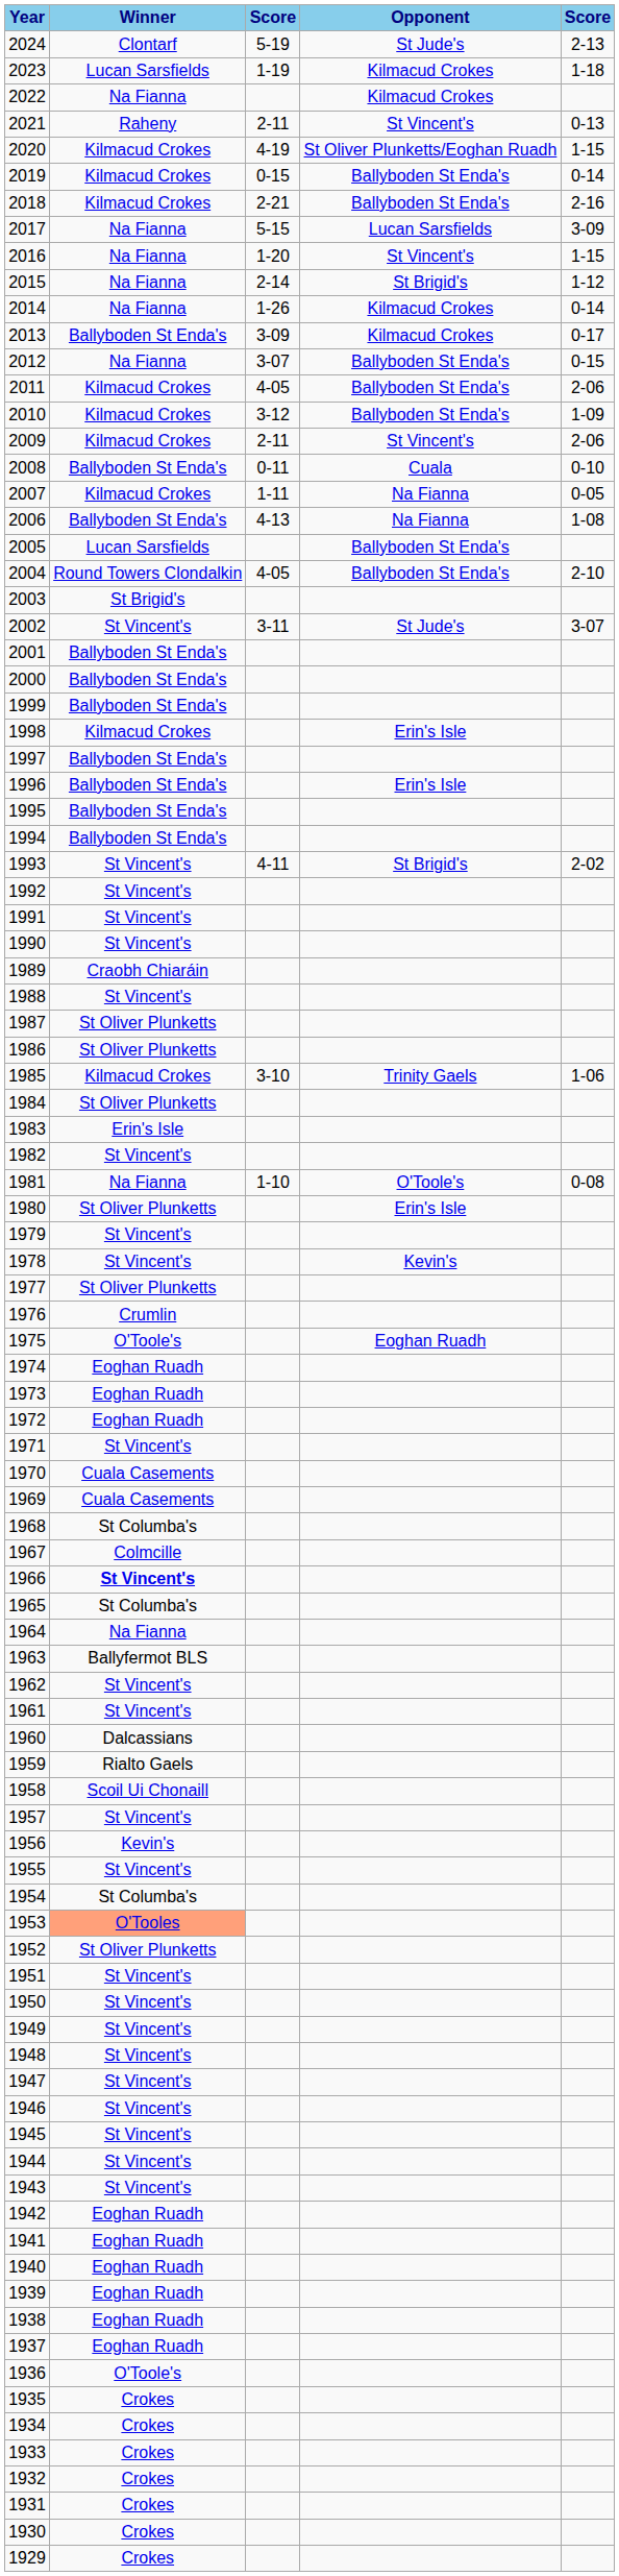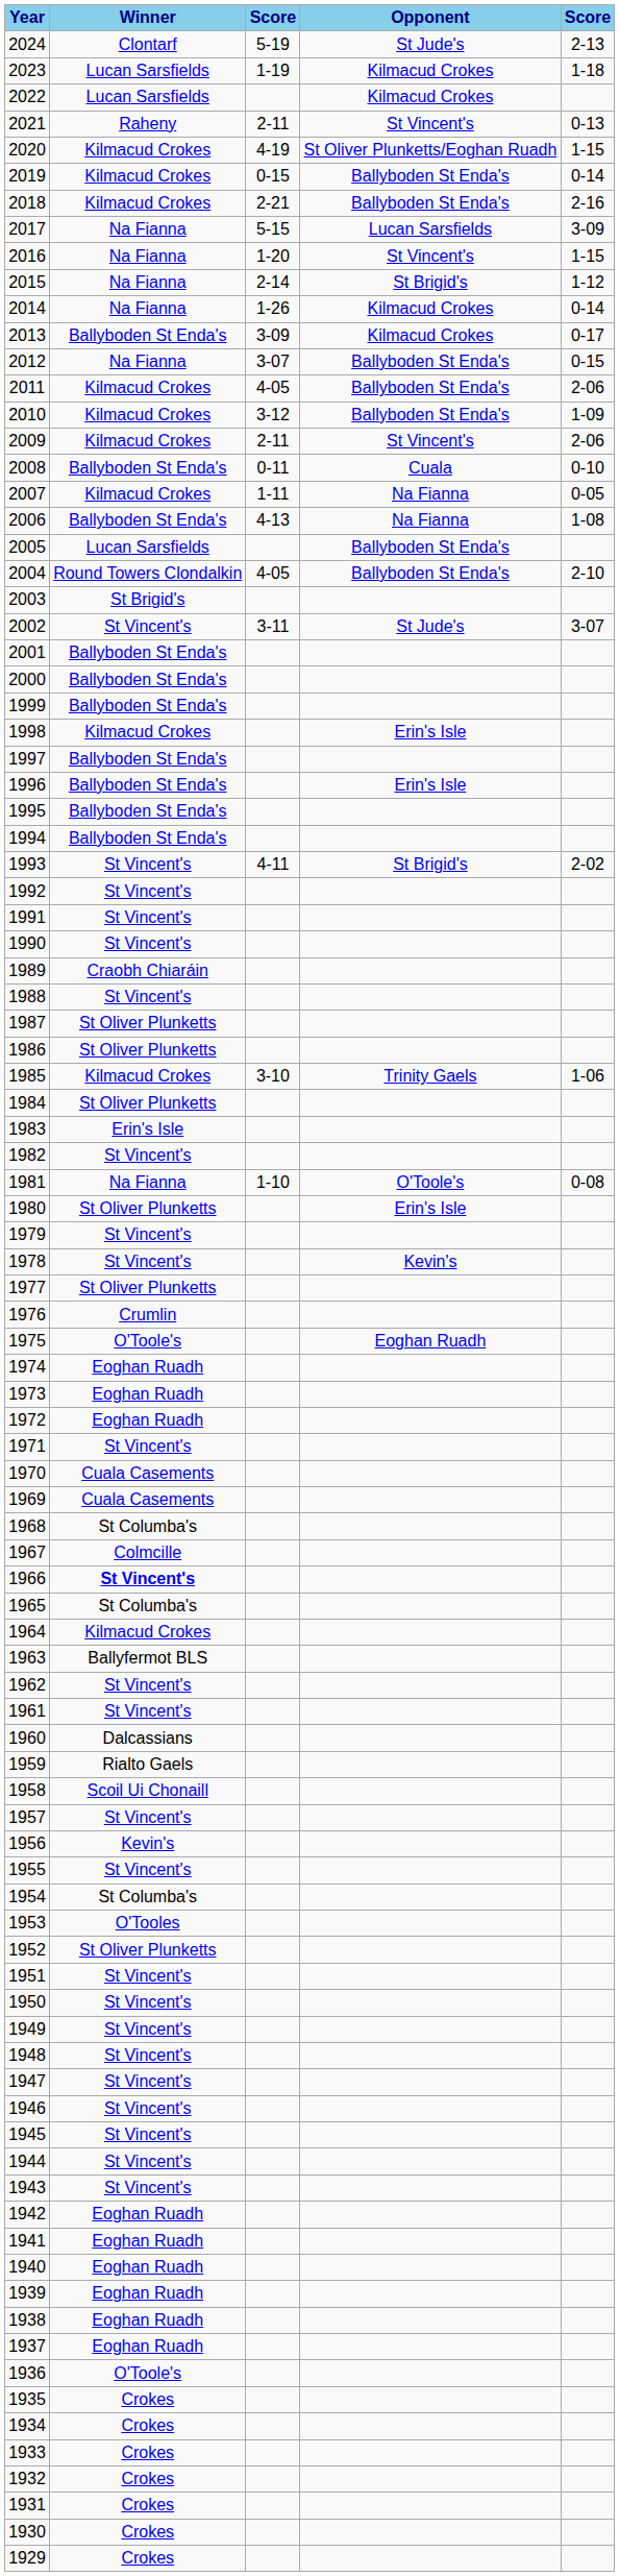 <table class="wikitable" style="text-align:center;">
 <tr>
 <th style="background:skyblue;color:navy;">Year</th>
 <th style="background:skyblue;color:navy;">Winner</th>
 <th style="background:skyblue;color:navy;">Score</th>
 <th style="background:skyblue;color:navy;">Opponent</th>
 <th style="background:skyblue;color:navy;">Score</th>
 </tr>
 <tr>
 <td>2024</td>
 <td><a href='#'>Clontarf</a></td>
 <td>5-19</td>
 <td><a href='#'>St Jude's</a></td>
 <td>2-13</td>
 </tr>
 <tr>
 <td>2023</td>
 <td><a href='#'>Lucan Sarsfields</a></td>
 <td>1-19</td>
 <td><a href='#'>Kilmacud Crokes</a></td>
 <td>1-18</td>
 </tr>
 <tr>
 <td>2022</td>
-<td><a href='#'>Na Fianna</a></td>
+<td><a href='#'>Lucan Sarsfields</a></td>
 <td></td>
 <td><a href='#'>Kilmacud Crokes</a></td>
 <td></td>
 </tr>
 <tr>
 <td>2021</td>
 <td><a href='#'>Raheny</a></td>
 <td>2-11</td>
 <td><a href='#'>St Vincent's</a></td>
 <td>0-13</td>
 </tr>
 <tr>
 <td>2020</td>
 <td><a href='#'>Kilmacud Crokes</a></td>
 <td>4-19</td>
 <td><a href='#'>St Oliver Plunketts/Eoghan Ruadh</a></td>
 <td>1-15</td>
 </tr>
 <tr>
 <td>2019</td>
 <td><a href='#'>Kilmacud Crokes</a></td>
 <td>0-15</td>
 <td><a href='#'>Ballyboden St Enda's</a></td>
 <td>0-14</td>
 </tr>
 <tr>
 <td>2018</td>
 <td><a href='#'>Kilmacud Crokes</a></td>
 <td>2-21</td>
 <td><a href='#'>Ballyboden St Enda's</a></td>
 <td>2-16</td>
 </tr>
 <tr>
 <td>2017</td>
 <td><a href='#'>Na Fianna</a></td>
 <td>5-15</td>
 <td><a href='#'>Lucan Sarsfields</a></td>
 <td>3-09</td>
 </tr>
 <tr>
 <td>2016</td>
 <td><a href='#'>Na Fianna</a></td>
 <td>1-20</td>
 <td><a href='#'>St Vincent's</a></td>
 <td>1-15</td>
 </tr>
 <tr>
 <td>2015</td>
 <td><a href='#'>Na Fianna</a></td>
 <td>2-14</td>
 <td><a href='#'>St Brigid's</a></td>
 <td>1-12</td>
 </tr>
 <tr>
 <td>2014</td>
 <td><a href='#'>Na Fianna</a></td>
 <td>1-26</td>
 <td><a href='#'>Kilmacud Crokes</a></td>
 <td>0-14</td>
 </tr>
 <tr>
 <td>2013</td>
 <td><a href='#'>Ballyboden St Enda's</a></td>
 <td>3-09</td>
 <td><a href='#'>Kilmacud Crokes</a></td>
 <td>0-17</td>
 </tr>
 <tr>
 <td>2012</td>
 <td><a href='#'>Na Fianna</a></td>
 <td>3-07</td>
 <td><a href='#'>Ballyboden St Enda's</a></td>
 <td>0-15</td>
 </tr>
 <tr>
 <td>2011</td>
 <td><a href='#'>Kilmacud Crokes</a></td>
 <td>4-05</td>
 <td><a href='#'>Ballyboden St Enda's</a></td>
 <td>2-06</td>
 </tr>
 <tr>
 <td>2010</td>
 <td><a href='#'>Kilmacud Crokes</a></td>
 <td>3-12</td>
 <td><a href='#'>Ballyboden St Enda's</a></td>
 <td>1-09</td>
 </tr>
 <tr>
 <td>2009</td>
 <td><a href='#'>Kilmacud Crokes</a></td>
 <td>2-11</td>
 <td><a href='#'>St Vincent's</a></td>
 <td>2-06</td>
 </tr>
 <tr>
 <td>2008</td>
 <td><a href='#'>Ballyboden St Enda's</a></td>
 <td>0-11</td>
 <td><a href='#'>Cuala</a></td>
 <td>0-10</td>
 </tr>
 <tr>
 <td>2007</td>
 <td><a href='#'>Kilmacud Crokes</a></td>
 <td>1-11</td>
 <td><a href='#'>Na Fianna</a></td>
 <td>0-05</td>
 </tr>
 <tr>
 <td>2006</td>
 <td><a href='#'>Ballyboden St Enda's</a></td>
 <td>4-13</td>
 <td><a href='#'>Na Fianna</a></td>
 <td>1-08</td>
 </tr>
 <tr>
 <td>2005</td>
 <td><a href='#'>Lucan Sarsfields</a></td>
 <td></td>
 <td><a href='#'>Ballyboden St Enda's</a></td>
 <td></td>
 </tr>
 <tr>
 <td>2004</td>
 <td><a href='#'>Round Towers Clondalkin</a></td>
 <td>4-05</td>
 <td><a href='#'>Ballyboden St Enda's</a></td>
 <td>2-10</td>
 </tr>
 <tr>
 <td>2003</td>
 <td><a href='#'>St Brigid's</a></td>
 <td></td>
 <td></td>
 <td></td>
 </tr>
 <tr>
 <td>2002</td>
 <td><a href='#'>St Vincent's</a></td>
 <td>3-11</td>
 <td><a href='#'>St Jude's</a></td>
 <td>3-07</td>
 </tr>
 <tr>
 <td>2001</td>
 <td><a href='#'>Ballyboden St Enda's</a></td>
 <td></td>
 <td></td>
 <td></td>
 </tr>
 <tr>
 <td>2000</td>
 <td><a href='#'>Ballyboden St Enda's</a></td>
 <td></td>
 <td></td>
 <td></td>
 </tr>
 <tr>
 <td>1999</td>
 <td><a href='#'>Ballyboden St Enda's</a></td>
 <td></td>
 <td></td>
 <td></td>
 </tr>
 <tr>
 <td>1998</td>
 <td><a href='#'>Kilmacud Crokes</a></td>
 <td></td>
 <td><a href='#'>Erin's Isle</a></td>
 <td></td>
 </tr>
 <tr>
 <td>1997</td>
 <td><a href='#'>Ballyboden St Enda's</a></td>
 <td></td>
 <td></td>
 <td></td>
 </tr>
 <tr>
 <td>1996</td>
 <td><a href='#'>Ballyboden St Enda's</a></td>
 <td></td>
 <td><a href='#'>Erin's Isle</a></td>
 <td></td>
 </tr>
 <tr>
 <td>1995</td>
 <td><a href='#'>Ballyboden St Enda's</a></td>
 <td></td>
 <td></td>
 <td></td>
 </tr>
 <tr>
 <td>1994</td>
 <td><a href='#'>Ballyboden St Enda's</a></td>
 <td></td>
 <td></td>
 <td></td>
 </tr>
 <tr>
 <td>1993</td>
 <td><a href='#'>St Vincent's</a></td>
 <td>4-11</td>
 <td><a href='#'>St Brigid's</a></td>
 <td>2-02</td>
 </tr>
 <tr>
 <td>1992</td>
 <td><a href='#'>St Vincent's</a></td>
 <td></td>
 <td></td>
 <td></td>
 </tr>
 <tr>
 <td>1991</td>
 <td><a href='#'>St Vincent's</a></td>
 <td></td>
 <td></td>
 <td></td>
 </tr>
 <tr>
 <td>1990</td>
 <td><a href='#'>St Vincent's</a></td>
 <td></td>
 <td></td>
 <td></td>
 </tr>
 <tr>
 <td>1989</td>
 <td><a href='#'>Craobh Chiaráin</a></td>
 <td></td>
 <td></td>
 <td></td>
 </tr>
 <tr>
 <td>1988</td>
 <td><a href='#'>St Vincent's</a></td>
 <td></td>
 <td></td>
 <td></td>
 </tr>
 <tr>
 <td>1987</td>
 <td><a href='#'>St Oliver Plunketts</a></td>
 <td></td>
 <td></td>
 <td></td>
 </tr>
 <tr>
 <td>1986</td>
 <td><a href='#'>St Oliver Plunketts</a></td>
 <td></td>
 <td></td>
 <td></td>
 </tr>
 <tr>
 <td>1985</td>
 <td><a href='#'>Kilmacud Crokes</a></td>
 <td>3-10</td>
 <td><a href='#'>Trinity Gaels</a></td>
 <td>1-06</td>
 </tr>
 <tr>
 <td>1984</td>
 <td><a href='#'>St Oliver Plunketts</a></td>
 <td></td>
 <td></td>
 <td></td>
 </tr>
 <tr>
 <td>1983</td>
 <td><a href='#'>Erin's Isle</a></td>
 <td></td>
 <td></td>
 <td></td>
 </tr>
 <tr>
 <td>1982</td>
 <td><a href='#'>St Vincent's</a></td>
 <td></td>
 <td></td>
 <td></td>
 </tr>
 <tr>
 <td>1981</td>
 <td><a href='#'>Na Fianna</a></td>
 <td>1-10</td>
 <td><a href='#'>O'Toole's</a></td>
 <td>0-08</td>
 </tr>
 <tr>
 <td>1980</td>
 <td><a href='#'>St Oliver Plunketts</a></td>
 <td></td>
 <td><a href='#'>Erin's Isle</a></td>
 <td></td>
 </tr>
 <tr>
 <td>1979</td>
 <td><a href='#'>St Vincent's</a></td>
 <td></td>
 <td></td>
 <td></td>
 </tr>
 <tr>
 <td>1978</td>
 <td><a href='#'>St Vincent's</a></td>
 <td></td>
 <td><a href='#'>Kevin's</a></td>
 <td></td>
 </tr>
 <tr>
 <td>1977</td>
 <td><a href='#'>St Oliver Plunketts</a></td>
 <td></td>
 <td></td>
 <td></td>
 </tr>
 <tr>
 <td>1976</td>
 <td><a href='#'>Crumlin</a></td>
 <td></td>
 <td></td>
 <td></td>
 </tr>
 <tr>
 <td>1975</td>
 <td><a href='#'>O'Toole's</a></td>
 <td></td>
 <td><a href='#'>Eoghan Ruadh</a></td>
 <td></td>
 </tr>
 <tr>
 <td>1974</td>
 <td><a href='#'>Eoghan Ruadh</a></td>
 <td></td>
 <td></td>
 <td></td>
 </tr>
 <tr>
 <td>1973</td>
 <td><a href='#'>Eoghan Ruadh</a></td>
 <td></td>
 <td></td>
 <td></td>
 </tr>
 <tr>
 <td>1972</td>
 <td><a href='#'>Eoghan Ruadh</a></td>
 <td></td>
 <td></td>
 <td></td>
 </tr>
 <tr>
 <td>1971</td>
 <td><a href='#'>St Vincent's</a></td>
 <td></td>
 <td></td>
 <td></td>
 </tr>
 <tr>
 <td>1970</td>
 <td><a href='#'>Cuala Casements</a></td>
 <td></td>
 <td></td>
 <td></td>
 </tr>
 <tr>
 <td>1969</td>
 <td><a href='#'>Cuala Casements</a></td>
 <td></td>
 <td></td>
 <td></td>
 </tr>
 <tr>
 <td>1968</td>
 <td>St Columba's</td>
 <td></td>
 <td></td>
 <td></td>
 </tr>
 <tr>
 <td>1967</td>
 <td><a href='#'>Colmcille</a></td>
 <td></td>
 <td></td>
 <td></td>
 </tr>
 <tr>
 <td>1966</td>
 <td><strong><a href='#'>St Vincent's</a></strong></td>
 <td></td>
 <td></td>
 <td></td>
 </tr>
 <tr>
 <td>1965</td>
 <td>St Columba's</td>
 <td></td>
 <td></td>
 <td></td>
 </tr>
 <tr>
 <td>1964</td>
-<td><a href='#'>Na Fianna</a></td>
+<td><a href='#'>Kilmacud Crokes</a></td>
 <td></td>
 <td></td>
 <td></td>
 </tr>
 <tr>
 <td>1963</td>
 <td>Ballyfermot BLS</td>
 <td></td>
 <td></td>
 <td></td>
 </tr>
 <tr>
 <td>1962</td>
 <td><a href='#'>St Vincent's</a></td>
 <td></td>
 <td></td>
 <td></td>
 </tr>
 <tr>
 <td>1961</td>
 <td><a href='#'>St Vincent's</a></td>
 <td></td>
 <td></td>
 <td></td>
 </tr>
 <tr>
 <td>1960</td>
 <td>Dalcassians</td>
 <td></td>
 <td></td>
 <td></td>
 </tr>
 <tr>
 <td>1959</td>
 <td>Rialto Gaels</td>
 <td></td>
 <td></td>
 <td></td>
 </tr>
 <tr>
 <td>1958</td>
 <td><a href='#'>Scoil Ui Chonaill</a></td>
 <td></td>
 <td></td>
 <td></td>
 </tr>
 <tr>
 <td>1957</td>
 <td><a href='#'>St Vincent's</a></td>
 <td></td>
 <td></td>
 <td></td>
 </tr>
 <tr>
 <td>1956</td>
 <td><a href='#'>Kevin's</a></td>
 <td></td>
 <td></td>
 <td></td>
 </tr>
 <tr>
 <td>1955</td>
 <td><a href='#'>St Vincent's</a></td>
 <td></td>
 <td></td>
 <td></td>
 </tr>
 <tr>
 <td>1954</td>
 <td>St Columba's</td>
 <td></td>
 <td></td>
 <td></td>
 </tr>
 <tr>
 <td>1953</td>
-<td style="background: lightsalmon;"><a href='#'>O'Tooles</a></td>
+<td><a href='#'>O'Tooles</a></td>
 <td></td>
 <td></td>
 <td></td>
 </tr>
 <tr>
 <td>1952</td>
 <td><a href='#'>St Oliver Plunketts</a></td>
 <td></td>
 <td></td>
 <td></td>
 </tr>
 <tr>
 <td>1951</td>
 <td><a href='#'>St Vincent's</a></td>
 <td></td>
 <td></td>
 <td></td>
 </tr>
 <tr>
 <td>1950</td>
 <td><a href='#'>St Vincent's</a></td>
 <td></td>
 <td></td>
 <td></td>
 </tr>
 <tr>
 <td>1949</td>
 <td><a href='#'>St Vincent's</a></td>
 <td></td>
 <td></td>
 <td></td>
 </tr>
 <tr>
 <td>1948</td>
 <td><a href='#'>St Vincent's</a></td>
 <td></td>
 <td></td>
 <td></td>
 </tr>
 <tr>
 <td>1947</td>
 <td><a href='#'>St Vincent's</a></td>
 <td></td>
 <td></td>
 <td></td>
 </tr>
 <tr>
 <td>1946</td>
 <td><a href='#'>St Vincent's</a></td>
 <td></td>
 <td></td>
 <td></td>
 </tr>
 <tr>
 <td>1945</td>
 <td><a href='#'>St Vincent's</a></td>
 <td></td>
 <td></td>
 <td></td>
 </tr>
 <tr>
 <td>1944</td>
 <td><a href='#'>St Vincent's</a></td>
 <td></td>
 <td></td>
 <td></td>
 </tr>
 <tr>
 <td>1943</td>
 <td><a href='#'>St Vincent's</a></td>
 <td></td>
 <td></td>
 <td></td>
 </tr>
 <tr>
 <td>1942</td>
 <td><a href='#'>Eoghan Ruadh</a></td>
 <td></td>
 <td></td>
 <td></td>
 </tr>
 <tr>
 <td>1941</td>
 <td><a href='#'>Eoghan Ruadh</a></td>
 <td></td>
 <td></td>
 <td></td>
 </tr>
 <tr>
 <td>1940</td>
 <td><a href='#'>Eoghan Ruadh</a></td>
 <td></td>
 <td></td>
 <td></td>
 </tr>
 <tr>
 <td>1939</td>
 <td><a href='#'>Eoghan Ruadh</a></td>
 <td></td>
 <td></td>
 <td></td>
 </tr>
 <tr>
 <td>1938</td>
 <td><a href='#'>Eoghan Ruadh</a></td>
 <td></td>
 <td></td>
 <td></td>
 </tr>
 <tr>
 <td>1937</td>
 <td><a href='#'>Eoghan Ruadh</a></td>
 <td></td>
 <td></td>
 <td></td>
 </tr>
 <tr>
 <td>1936</td>
 <td><a href='#'>O'Toole's</a></td>
 <td></td>
 <td></td>
 <td></td>
 </tr>
 <tr>
 <td>1935</td>
 <td><a href='#'>Crokes</a></td>
 <td></td>
 <td></td>
 <td></td>
 </tr>
 <tr>
 <td>1934</td>
 <td><a href='#'>Crokes</a></td>
 <td></td>
 <td></td>
 <td></td>
 </tr>
 <tr>
 <td>1933</td>
 <td><a href='#'>Crokes</a></td>
 <td></td>
 <td></td>
 <td></td>
 </tr>
 <tr>
 <td>1932</td>
 <td><a href='#'>Crokes</a></td>
 <td></td>
 <td></td>
 <td></td>
 </tr>
 <tr>
 <td>1931</td>
 <td><a href='#'>Crokes</a></td>
 <td></td>
 <td></td>
 <td></td>
 </tr>
 <tr>
 <td>1930</td>
 <td><a href='#'>Crokes</a></td>
 <td></td>
 <td></td>
 <td></td>
 </tr>
 <tr>
 <td>1929</td>
 <td><a href='#'>Crokes</a></td>
 <td></td>
 <td></td>
 <td></td>
 </tr>
 </table>
